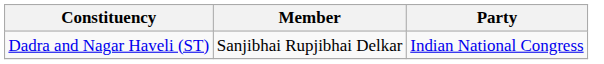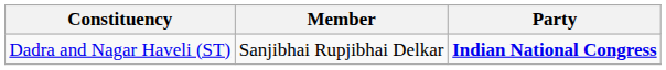 <table class="wikitable sortable">
 <tr>
 <th>Constituency</th>
 <th>Member</th>
 <th>Party</th>
 </tr>
 <tr>
 <td><a href='#'>Dadra and Nagar Haveli (ST)</a></td>
 <td>Sanjibhai Rupjibhai Delkar</td>
-<td><a href='#'>Indian National Congress</a></td>
+<td><strong><a href='#'>Indian National Congress</a></strong></td>
 </tr>
 <tr>
 </tr>
 </table>
